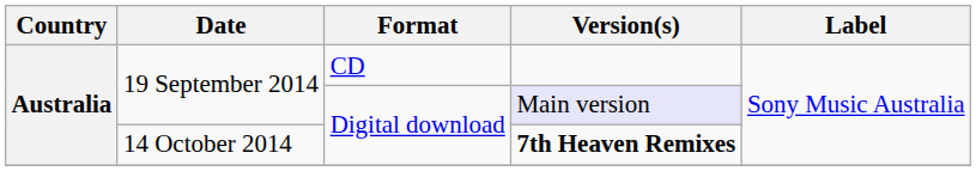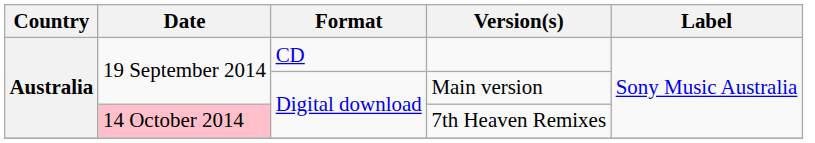 <table class="wikitable plainrowheaders">
 <tr>
 <th scope="col">Country</th>
 <th scope="col">Date</th>
 <th scope="col">Format</th>
 <th scope="col">Version(s)</th>
 <th scope="col">Label</th>
 </tr>
 <tr>
 <th scope="row" rowspan="3">Australia</th>
 <td rowspan="2">19 September 2014</td>
 <td><a href='#'>CD</a></td>
 <td></td>
 <td rowspan="3"><a href='#'>Sony Music Australia</a></td>
 </tr>
 <tr>
 <td rowspan="2"><a href='#'>Digital download</a></td>
-<td style="background: lavender;">Main version</td>
+<td>Main version</td>
 </tr>
 <tr>
-<td>14 October 2014</td>
-<td><strong>7th Heaven Remixes</strong></td>
+<td style="background: pink;">14 October 2014</td>
+<td>7th Heaven Remixes</td>
 </tr>
 <tr>
 </tr>
 </table>
